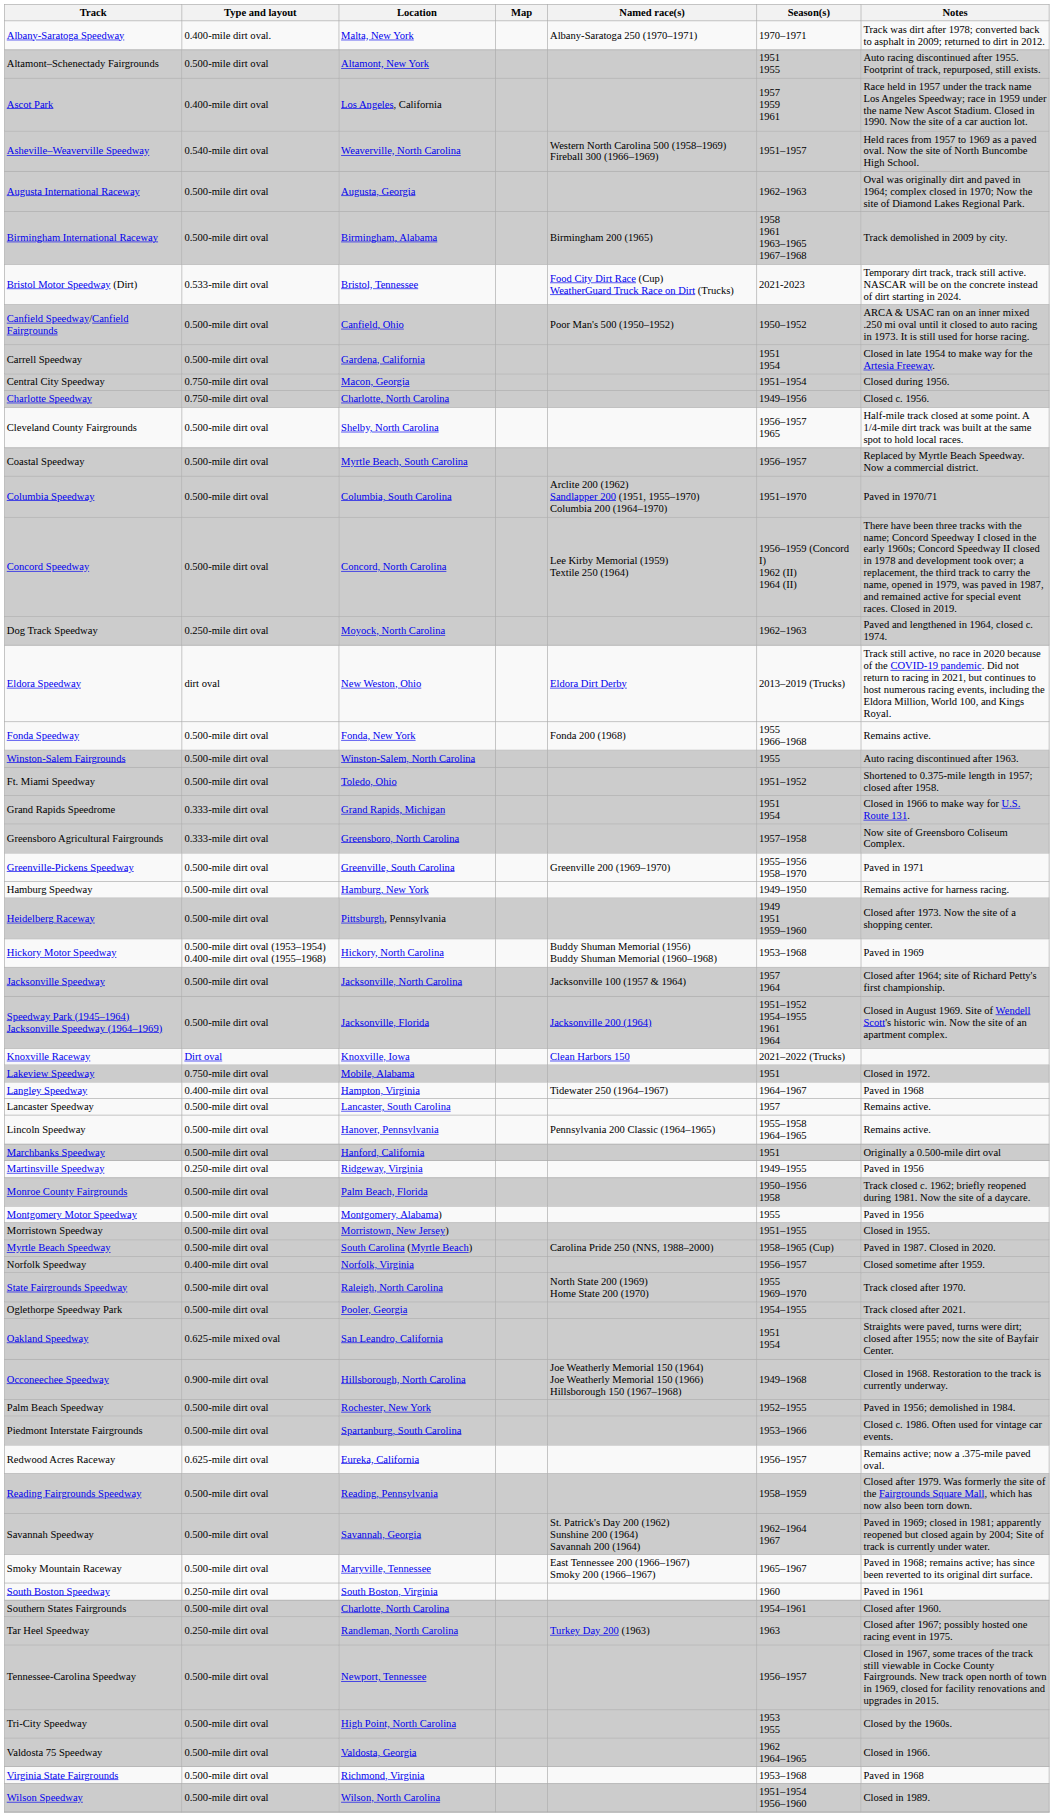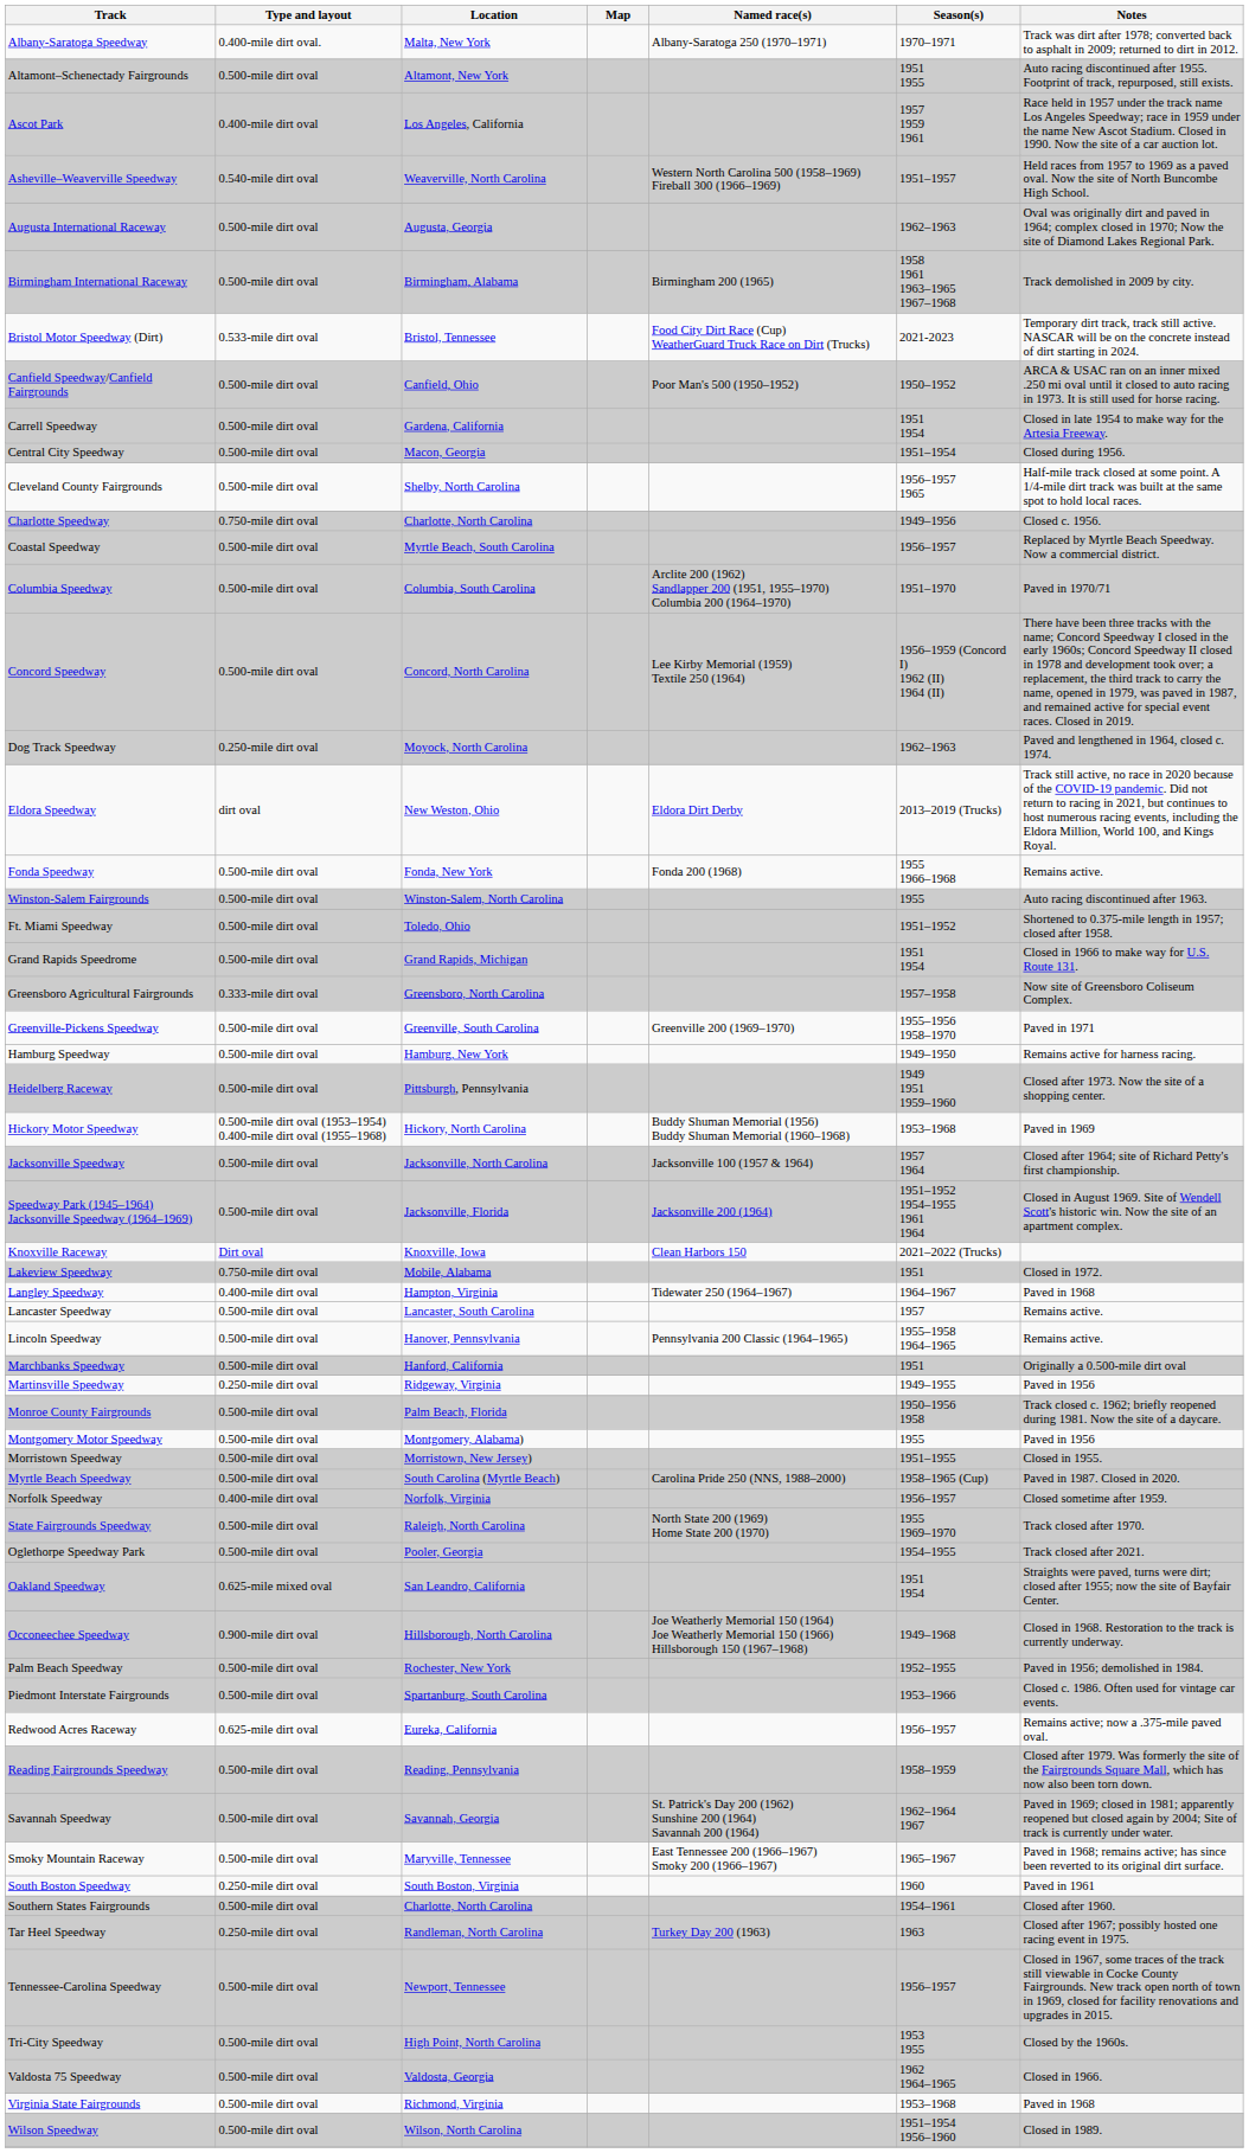 <table class="wikitable sortable" style="width:100%;">
 <tr>
 <th style="width:17%;">Track</th>
 <th style="width:15%;">Type and layout</th>
 <th style="width:15%;">Location</th>
 <th style="width:5%;">Map</th>
 <th style="width:20%;">Named race(s)</th>
 <th style="width:10%;">Season(s)</th>
 <th style="width:18%;">Notes</th>
 </tr>
 <tr>
 <td><a href='#'>Albany-Saratoga Speedway</a></td>
 <td>0.400-mile dirt oval.</td>
 <td><a href='#'>Malta, New York</a></td>
 <td></td>
 <td>Albany-Saratoga 250 (1970–1971)</td>
 <td>1970–1971</td>
 <td>Track was dirt after 1978; converted back to asphalt in 2009; returned to dirt in 2012.</td>
 </tr>
 <tr style="background:#CCCCCC;">
 <td>Altamont–Schenectady Fairgrounds</td>
 <td>0.500-mile dirt oval</td>
 <td><a href='#'>Altamont, New York</a></td>
 <td></td>
 <td></td>
 <td>1951<br>1955</td>
 <td>Auto racing discontinued after 1955. Footprint of track, repurposed, still exists.</td>
 </tr>
 <tr style="background:#CCCCCC;">
 <td><a href='#'>Ascot Park</a></td>
 <td>0.400-mile dirt oval</td>
 <td><a href='#'>Los Angeles</a>, California</td>
 <td></td>
 <td></td>
 <td>1957<br>1959<br>1961</td>
 <td>Race held in 1957 under the track name Los Angeles Speedway; race in 1959 under the name New Ascot Stadium. Closed in 1990. Now the site of a car auction lot.</td>
 </tr>
 <tr style="background:#CCCCCC;">
 <td><a href='#'>Asheville–Weaverville Speedway</a></td>
 <td>0.540-mile dirt oval</td>
 <td><a href='#'>Weaverville, North Carolina</a></td>
 <td></td>
 <td>Western North Carolina 500 (1958–1969)<br>Fireball 300 (1966–1969)</td>
 <td>1951–1957</td>
 <td>Held races from 1957 to 1969 as a paved oval. Now the site of North Buncombe High School.</td>
 </tr>
 <tr style="background:#CCCCCC;">
 <td><a href='#'>Augusta International Raceway</a></td>
 <td>0.500-mile dirt oval</td>
 <td><a href='#'>Augusta, Georgia</a></td>
 <td></td>
 <td></td>
 <td>1962–1963</td>
 <td>Oval was originally dirt and paved in 1964; complex closed in 1970; Now the site of Diamond Lakes Regional Park.</td>
 </tr>
 <tr style="background:#CCCCCC;">
 <td><a href='#'>Birmingham International Raceway</a></td>
 <td>0.500-mile dirt oval</td>
 <td><a href='#'>Birmingham, Alabama</a></td>
 <td></td>
 <td>Birmingham 200 (1965)</td>
 <td>1958<br>1961<br>1963–1965<br>1967–1968</td>
 <td>Track demolished in 2009 by city.</td>
 </tr>
 <tr>
 <td><a href='#'>Bristol Motor Speedway</a> (Dirt)</td>
 <td>0.533-mile dirt oval</td>
 <td><a href='#'>Bristol, Tennessee</a></td>
 <td></td>
 <td><a href='#'>Food City Dirt Race</a> (Cup)<br><a href='#'>WeatherGuard Truck Race on Dirt</a> (Trucks)</td>
 <td>2021-2023</td>
 <td>Temporary dirt track, track still active. NASCAR will be on the concrete instead of dirt starting in 2024.</td>
 </tr>
 <tr style="background:#CCCCCC;">
 <td><a href='#'>Canfield Speedway</a>/<a href='#'>Canfield Fairgrounds</a></td>
 <td>0.500-mile dirt oval</td>
 <td><a href='#'>Canfield, Ohio</a></td>
 <td></td>
 <td>Poor Man's 500 (1950–1952)</td>
 <td>1950–1952</td>
 <td>ARCA & USAC ran on an inner mixed .250 mi oval until it closed to auto racing in 1973. It is still used for horse racing.</td>
 </tr>
 <tr style="background:#CCCCCC;">
 <td>Carrell Speedway</td>
 <td>0.500-mile dirt oval</td>
 <td><a href='#'>Gardena, California</a></td>
 <td></td>
 <td></td>
 <td>1951<br>1954</td>
 <td>Closed in late 1954 to make way for the <a href='#'>Artesia Freeway</a>.</td>
 </tr>
 <tr style="background:#CCCCCC;">
 <td>Central City Speedway</td>
-<td>0.750-mile dirt oval</td>
+<td>0.500-mile dirt oval</td>
 <td><a href='#'>Macon, Georgia</a></td>
 <td></td>
 <td></td>
 <td>1951–1954</td>
 <td>Closed during 1956.</td>
+</tr>
+<tr>
+<td>Cleveland County Fairgrounds</td>
+<td>0.500-mile dirt oval</td>
+<td><a href='#'>Shelby, North Carolina</a></td>
+<td></td>
+<td></td>
+<td>1956–1957<br>1965</td>
+<td>Half-mile track closed at some point. A 1/4-mile dirt track was built at the same spot to hold local races.</td>
 </tr>
 <tr style="background:#CCCCCC;">
 <td><a href='#'>Charlotte Speedway</a></td>
 <td>0.750-mile dirt oval</td>
 <td><a href='#'>Charlotte, North Carolina</a></td>
 <td></td>
 <td></td>
 <td>1949–1956</td>
 <td>Closed c. 1956.</td>
-</tr>
-<tr>
-<td>Cleveland County Fairgrounds</td>
-<td>0.500-mile dirt oval</td>
-<td><a href='#'>Shelby, North Carolina</a></td>
-<td></td>
-<td></td>
-<td>1956–1957<br>1965</td>
-<td>Half-mile track closed at some point. A 1/4-mile dirt track was built at the same spot to hold local races.</td>
 </tr>
 <tr style="background:#CCCCCC;">
 <td>Coastal Speedway</td>
 <td>0.500-mile dirt oval</td>
 <td><a href='#'>Myrtle Beach, South Carolina</a></td>
 <td></td>
 <td></td>
 <td>1956–1957</td>
 <td>Replaced by Myrtle Beach Speedway. Now a commercial district.</td>
 </tr>
 <tr style="background:#CCCCCC;">
 <td><a href='#'>Columbia Speedway</a></td>
 <td>0.500-mile dirt oval</td>
 <td><a href='#'>Columbia, South Carolina</a></td>
 <td></td>
 <td>Arclite 200 (1962)<br><a href='#'>Sandlapper 200</a> (1951, 1955–1970)<br>Columbia 200 (1964–1970)</td>
 <td>1951–1970</td>
 <td>Paved in 1970/71</td>
 </tr>
 <tr style="background:#CCCCCC;">
 <td><a href='#'>Concord Speedway</a></td>
 <td>0.500-mile dirt oval</td>
 <td><a href='#'>Concord, North Carolina</a></td>
 <td></td>
 <td>Lee Kirby Memorial (1959)<br>Textile 250 (1964)</td>
 <td>1956–1959 (Concord I)<br>1962 (II)<br>1964 (II)</td>
 <td>There have been three tracks with the name; Concord Speedway I closed in the early 1960s; Concord Speedway II closed in 1978 and development took over; a replacement, the third track to carry the name, opened in 1979, was paved in 1987, and remained active for special event races. Closed in 2019.</td>
 </tr>
 <tr style="background:#CCCCCC;">
 <td>Dog Track Speedway</td>
 <td>0.250-mile dirt oval</td>
 <td><a href='#'>Moyock, North Carolina</a></td>
 <td></td>
 <td></td>
 <td>1962–1963</td>
 <td>Paved and lengthened in 1964, closed c. 1974.</td>
 </tr>
 <tr>
 <td><a href='#'>Eldora Speedway</a></td>
 <td> dirt oval</td>
 <td><a href='#'>New Weston, Ohio</a></td>
 <td><br></td>
 <td><a href='#'>Eldora Dirt Derby</a></td>
 <td>2013–2019 (Trucks)</td>
 <td>Track still active, no race in 2020 because of the <a href='#'>COVID-19 pandemic</a>. Did not return to racing in 2021, but continues to host numerous racing events, including the Eldora Million, World 100, and Kings Royal.</td>
 </tr>
 <tr>
 <td><a href='#'>Fonda Speedway</a></td>
 <td>0.500-mile dirt oval</td>
 <td><a href='#'>Fonda, New York</a></td>
 <td></td>
 <td>Fonda 200 (1968)</td>
 <td>1955<br>1966–1968</td>
 <td>Remains active.</td>
 </tr>
 <tr style="background:#CCCCCC;">
 <td><a href='#'>Winston-Salem Fairgrounds</a></td>
 <td>0.500-mile dirt oval</td>
 <td><a href='#'>Winston-Salem, North Carolina</a></td>
 <td></td>
 <td></td>
 <td>1955</td>
 <td>Auto racing discontinued after 1963.</td>
 </tr>
 <tr style="background:#CCCCCC;">
 <td>Ft. Miami Speedway</td>
 <td>0.500-mile dirt oval</td>
 <td><a href='#'>Toledo, Ohio</a></td>
 <td></td>
 <td></td>
 <td>1951–1952</td>
 <td>Shortened to 0.375-mile length in 1957; closed after 1958.</td>
 </tr>
 <tr style="background:#CCCCCC;">
 <td>Grand Rapids Speedrome</td>
-<td>0.333-mile dirt oval</td>
+<td>0.500-mile dirt oval</td>
 <td><a href='#'>Grand Rapids, Michigan</a></td>
 <td></td>
 <td></td>
 <td>1951<br>1954</td>
 <td>Closed in 1966 to make way for <a href='#'>U.S. Route 131</a>.</td>
 </tr>
 <tr style="background:#CCCCCC;">
 <td>Greensboro Agricultural Fairgrounds</td>
 <td>0.333-mile dirt oval</td>
 <td><a href='#'>Greensboro, North Carolina</a></td>
 <td></td>
 <td></td>
 <td>1957–1958</td>
 <td>Now site of Greensboro Coliseum Complex.</td>
 </tr>
 <tr>
 <td><a href='#'>Greenville-Pickens Speedway</a></td>
 <td>0.500-mile dirt oval</td>
 <td><a href='#'>Greenville, South Carolina</a></td>
 <td></td>
 <td>Greenville 200 (1969–1970)</td>
 <td>1955–1956<br>1958–1970</td>
 <td>Paved in 1971</td>
 </tr>
 <tr>
 <td>Hamburg Speedway</td>
 <td>0.500-mile dirt oval</td>
 <td><a href='#'>Hamburg, New York</a></td>
 <td></td>
 <td></td>
 <td>1949–1950</td>
 <td>Remains active for harness racing.</td>
 </tr>
 <tr style="background:#CCCCCC;">
 <td><a href='#'>Heidelberg Raceway</a></td>
 <td>0.500-mile dirt oval</td>
 <td><a href='#'>Pittsburgh</a>, Pennsylvania</td>
 <td></td>
 <td></td>
 <td>1949<br>1951<br>1959–1960</td>
 <td>Closed after 1973. Now the site of a shopping center.</td>
 </tr>
 <tr>
 <td><a href='#'>Hickory Motor Speedway</a></td>
 <td>0.500-mile dirt oval (1953–1954)<br>0.400-mile dirt oval (1955–1968)</td>
 <td><a href='#'>Hickory, North Carolina</a></td>
 <td></td>
 <td>Buddy Shuman Memorial (1956)<br>Buddy Shuman Memorial (1960–1968)</td>
 <td>1953–1968</td>
 <td>Paved in 1969</td>
 </tr>
 <tr style="background:#CCCCCC;">
 <td><a href='#'>Jacksonville Speedway</a></td>
 <td>0.500-mile dirt oval</td>
 <td><a href='#'>Jacksonville, North Carolina</a></td>
 <td></td>
 <td>Jacksonville 100 (1957 & 1964)</td>
 <td>1957<br>1964</td>
 <td>Closed after 1964; site of Richard Petty's first championship.</td>
 </tr>
 <tr style="background:#CCCCCC;">
 <td><a href='#'>Speedway Park (1945–1964)<br>Jacksonville Speedway (1964–1969)</a></td>
 <td>0.500-mile dirt oval</td>
 <td><a href='#'>Jacksonville, Florida</a></td>
 <td></td>
 <td><a href='#'>Jacksonville 200 (1964)</a></td>
 <td>1951–1952<br>1954–1955<br>1961<br>1964</td>
 <td>Closed in August 1969. Site of <a href='#'>Wendell Scott</a>'s historic win.  Now the site of an apartment complex.</td>
 </tr>
 <tr>
 <td><a href='#'>Knoxville Raceway</a></td>
 <td> <a href='#'>Dirt oval</a></td>
 <td><a href='#'>Knoxville, Iowa</a></td>
 <td></td>
 <td><a href='#'>Clean Harbors 150</a></td>
 <td>2021–2022 (Trucks)</td>
 </tr>
 <tr style="background:#CCCCCC;">
 <td><a href='#'>Lakeview Speedway</a></td>
 <td>0.750-mile dirt oval</td>
 <td><a href='#'>Mobile, Alabama</a></td>
 <td></td>
 <td></td>
 <td>1951</td>
 <td>Closed in 1972.</td>
 </tr>
 <tr>
 <td><a href='#'>Langley Speedway</a></td>
 <td>0.400-mile dirt oval</td>
 <td><a href='#'>Hampton, Virginia</a></td>
 <td></td>
 <td>Tidewater 250 (1964–1967)</td>
 <td>1964–1967</td>
 <td>Paved in 1968</td>
 </tr>
 <tr>
 <td>Lancaster Speedway</td>
 <td>0.500-mile dirt oval</td>
 <td><a href='#'>Lancaster, South Carolina</a></td>
 <td></td>
 <td></td>
 <td>1957</td>
 <td>Remains active.</td>
 </tr>
 <tr>
 <td Lincoln Speedway (Pennsylvania)>Lincoln Speedway</td>
 <td>0.500-mile dirt oval</td>
 <td><a href='#'>Hanover, Pennsylvania</a></td>
 <td></td>
 <td>Pennsylvania 200 Classic (1964–1965)</td>
 <td>1955–1958<br>1964–1965</td>
 <td>Remains active.</td>
 </tr>
 <tr style="background:#CCCCCC;">
 <td><a href='#'>Marchbanks Speedway</a></td>
 <td>0.500-mile dirt oval</td>
 <td><a href='#'>Hanford, California</a></td>
 <td></td>
 <td></td>
 <td>1951</td>
 <td>Originally a 0.500-mile dirt oval</td>
 </tr>
 <tr>
 <td><a href='#'>Martinsville Speedway</a></td>
 <td>0.250-mile dirt oval</td>
 <td><a href='#'>Ridgeway, Virginia</a></td>
 <td></td>
 <td></td>
 <td>1949–1955</td>
 <td>Paved in 1956</td>
 </tr>
 <tr style="background:#CCCCCC;">
 <td><a href='#'>Monroe County Fairgrounds</a></td>
 <td>0.500-mile dirt oval</td>
 <td><a href='#'>Palm Beach, Florida</a></td>
 <td></td>
 <td></td>
 <td>1950–1956<br>1958</td>
 <td>Track closed c. 1962; briefly reopened during 1981. Now the site of a daycare.</td>
 </tr>
 <tr>
 <td><a href='#'>Montgomery Motor Speedway</a></td>
 <td>0.500-mile dirt oval</td>
 <td><a href='#'>Montgomery, Alabama</a>)</td>
 <td></td>
 <td></td>
 <td>1955</td>
 <td>Paved in 1956</td>
 </tr>
 <tr style="background:#CCCCCC;">
 <td>Morristown Speedway</td>
 <td>0.500-mile dirt oval</td>
 <td><a href='#'>Morristown, New Jersey</a>)</td>
 <td></td>
 <td></td>
 <td>1951–1955</td>
 <td>Closed in 1955.</td>
 </tr>
 <tr style="background:#CCCCCC;">
 <td><a href='#'>Myrtle Beach Speedway</a></td>
 <td>0.500-mile dirt oval</td>
 <td><a href='#'>South Carolina</a> (<a href='#'>Myrtle Beach</a>)</td>
 <td></td>
 <td>Carolina Pride 250 (NNS, 1988–2000)</td>
 <td>1958–1965 (Cup)</td>
 <td>Paved in 1987. Closed in 2020.</td>
 </tr>
 <tr style="background:#CCCCCC;">
 <td>Norfolk Speedway</td>
 <td>0.400-mile dirt oval</td>
 <td><a href='#'>Norfolk, Virginia</a></td>
 <td></td>
 <td></td>
 <td>1956–1957</td>
 <td>Closed sometime after 1959.</td>
 </tr>
 <tr style="background:#CCCCCC;">
 <td><a href='#'>State Fairgrounds Speedway</a></td>
 <td>0.500-mile dirt oval</td>
 <td><a href='#'>Raleigh, North Carolina</a></td>
 <td></td>
 <td>North State 200 (1969)<br>Home State 200 (1970)</td>
 <td>1955<br>1969–1970</td>
 <td>Track closed after 1970.</td>
 </tr>
 <tr style="background:#CCCCCC">
 <td>Oglethorpe Speedway Park</td>
 <td>0.500-mile dirt oval</td>
 <td><a href='#'>Pooler, Georgia</a></td>
 <td></td>
 <td></td>
 <td>1954–1955</td>
 <td>Track closed after 2021.</td>
 </tr>
 <tr style="background:#CCCCCC;">
 <td><a href='#'>Oakland Speedway</a></td>
 <td>0.625-mile mixed oval</td>
 <td><a href='#'>San Leandro, California</a></td>
 <td></td>
 <td></td>
 <td>1951<br>1954</td>
 <td>Straights were paved, turns were dirt; closed after 1955; now the site of Bayfair Center.</td>
 </tr>
 <tr style="background:#CCCCCC;">
 <td><a href='#'>Occoneechee Speedway</a></td>
 <td>0.900-mile dirt oval</td>
 <td><a href='#'>Hillsborough, North Carolina</a></td>
 <td></td>
 <td>Joe Weatherly Memorial 150 (1964)<br>Joe Weatherly Memorial 150 (1966)<br>Hillsborough 150 (1967–1968)</td>
 <td>1949–1968</td>
 <td>Closed in 1968. Restoration to the track is currently underway.</td>
 </tr>
 <tr style="background:#CCCCCC;">
 <td>Palm Beach Speedway</td>
 <td>0.500-mile dirt oval</td>
 <td><a href='#'>Rochester, New York</a></td>
 <td></td>
 <td></td>
 <td>1952–1955</td>
 <td>Paved in 1956; demolished in 1984.</td>
 </tr>
 <tr style="background:#CCCCCC;">
 <td>Piedmont Interstate Fairgrounds</td>
 <td>0.500-mile dirt oval</td>
 <td><a href='#'>Spartanburg, South Carolina</a></td>
 <td></td>
 <td></td>
 <td>1953–1966</td>
 <td>Closed c. 1986. Often used for vintage car events.</td>
 </tr>
 <tr>
 <td>Redwood Acres Raceway</td>
 <td>0.625-mile dirt oval</td>
 <td><a href='#'>Eureka, California</a></td>
 <td></td>
 <td></td>
 <td>1956–1957</td>
 <td>Remains active; now a .375-mile paved oval.</td>
 </tr>
 <tr style="background:#CCCCCC;">
 <td><a href='#'>Reading Fairgrounds Speedway</a></td>
 <td>0.500-mile dirt oval</td>
 <td><a href='#'>Reading, Pennsylvania</a></td>
 <td></td>
 <td></td>
 <td>1958–1959</td>
 <td>Closed after 1979. Was formerly the site of the <a href='#'>Fairgrounds Square Mall</a>, which has now also been torn down.</td>
 </tr>
 <tr style="background:#CCCCCC;">
 <td>Savannah Speedway</td>
 <td>0.500-mile dirt oval</td>
 <td><a href='#'>Savannah, Georgia</a></td>
 <td></td>
 <td>St. Patrick's Day 200 (1962)<br>Sunshine 200 (1964)<br>Savannah 200 (1964)</td>
 <td>1962–1964<br>1967</td>
 <td>Paved in 1969; closed in 1981; apparently reopened but closed again by 2004; Site of track is currently under water.</td>
 </tr>
 <tr>
 <td>Smoky Mountain Raceway</td>
 <td>0.500-mile dirt oval</td>
 <td><a href='#'>Maryville, Tennessee</a></td>
 <td></td>
 <td>East Tennessee 200 (1966–1967)<br>Smoky 200 (1966–1967)</td>
 <td>1965–1967</td>
 <td>Paved in 1968; remains active; has since been reverted to its original dirt surface.</td>
 </tr>
 <tr>
 <td><a href='#'>South Boston Speedway</a></td>
 <td>0.250-mile dirt oval</td>
 <td><a href='#'>South Boston, Virginia</a></td>
 <td></td>
 <td></td>
 <td>1960</td>
 <td>Paved in 1961</td>
 </tr>
 <tr style="background:#CCCCCC;">
 <td>Southern States Fairgrounds</td>
 <td>0.500-mile dirt oval</td>
 <td><a href='#'>Charlotte, North Carolina</a></td>
 <td></td>
 <td></td>
 <td>1954–1961</td>
 <td>Closed after 1960.</td>
 </tr>
 <tr style="background:#CCCCCC;">
 <td>Tar Heel Speedway</td>
 <td>0.250-mile dirt oval</td>
 <td><a href='#'>Randleman, North Carolina</a></td>
 <td></td>
 <td><a href='#'>Turkey Day 200</a> (1963)</td>
 <td>1963</td>
 <td>Closed after 1967; possibly hosted one racing event in 1975.</td>
 </tr>
 <tr style="background:#CCCCCC;">
 <td>Tennessee-Carolina Speedway</td>
 <td>0.500-mile dirt oval</td>
 <td><a href='#'>Newport, Tennessee</a></td>
 <td></td>
 <td></td>
 <td>1956–1957</td>
 <td>Closed in 1967, some traces of the track still viewable in Cocke County Fairgrounds. New track open north of town in 1969, closed for facility renovations and upgrades in 2015.</td>
 </tr>
 <tr style="background:#CCCCCC;">
 <td>Tri-City Speedway</td>
 <td>0.500-mile dirt oval</td>
 <td><a href='#'>High Point, North Carolina</a></td>
 <td></td>
 <td></td>
 <td>1953<br>1955</td>
 <td>Closed by the 1960s.</td>
 </tr>
 <tr style="background:#CCCCCC;">
 <td>Valdosta 75 Speedway</td>
 <td>0.500-mile dirt oval</td>
 <td><a href='#'>Valdosta, Georgia</a></td>
 <td></td>
 <td></td>
 <td>1962<br>1964–1965<br></td>
 <td>Closed in 1966.</td>
 </tr>
 <tr>
 <td><a href='#'>Virginia State Fairgrounds</a></td>
 <td>0.500-mile dirt oval</td>
 <td><a href='#'>Richmond, Virginia</a></td>
 <td></td>
 <td></td>
 <td>1953–1968</td>
 <td>Paved in 1968</td>
 </tr>
 <tr style="background:#CCCCCC;">
 <td><a href='#'>Wilson Speedway</a></td>
 <td>0.500-mile dirt oval</td>
 <td><a href='#'>Wilson, North Carolina</a></td>
 <td></td>
 <td></td>
 <td>1951–1954<br>1956–1960</td>
 <td>Closed in 1989.</td>
 </tr>
 <tr>
 </tr>
 </table>
